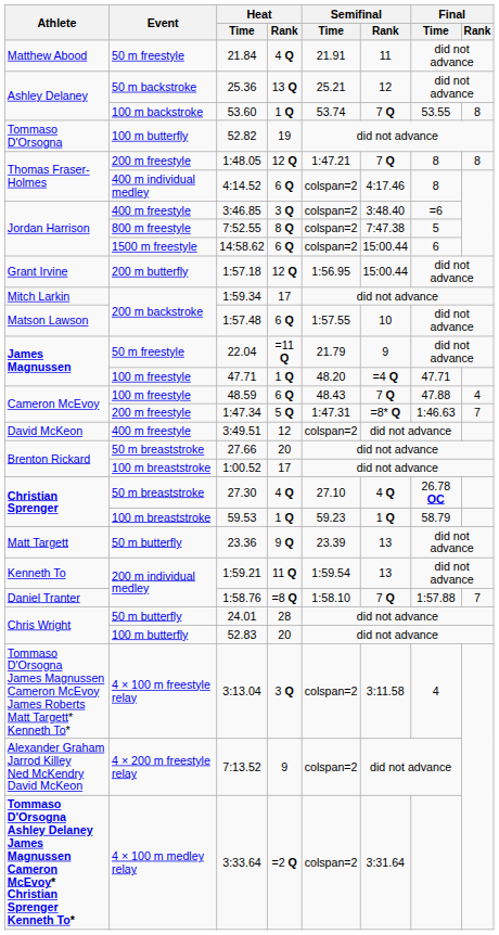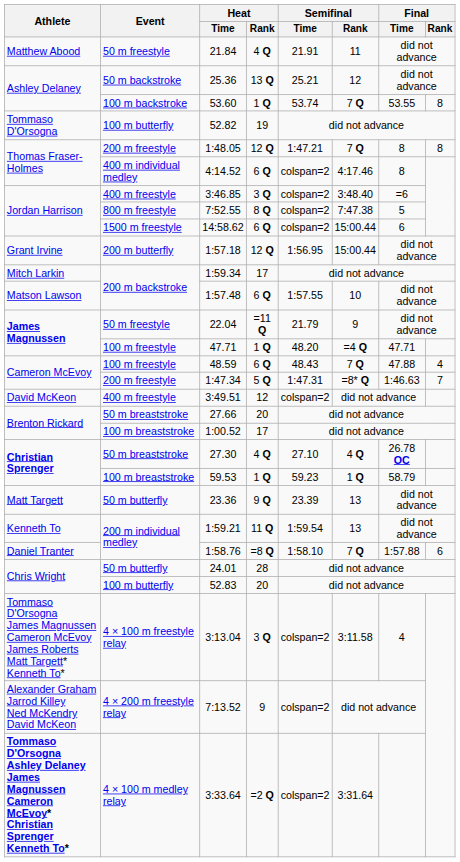 <table class=wikitable style="font-size:90%">
 <tr>
 <th rowspan="2">Athlete</th>
 <th rowspan="2">Event</th>
 <th colspan="2">Heat</th>
 <th colspan="2">Semifinal</th>
 <th colspan="2">Final</th>
 </tr>
 <tr style="font-size:95%">
 <th>Time</th>
 <th>Rank</th>
 <th>Time</th>
 <th>Rank</th>
 <th>Time</th>
 <th>Rank</th>
 </tr>
 <tr align=center>
 <td align=left><a href='#'>Matthew Abood</a></td>
 <td align=left><a href='#'>50 m freestyle</a></td>
 <td>21.84</td>
 <td>4 <strong>Q</strong></td>
 <td>21.91</td>
 <td>11</td>
 <td colspan=2>did not advance</td>
 </tr>
 <tr align=center>
 <td align=left rowspan=2><a href='#'>Ashley Delaney</a></td>
 <td align=left><a href='#'>50 m backstroke</a></td>
 <td>25.36</td>
 <td>13 <strong>Q</strong></td>
 <td>25.21</td>
 <td>12</td>
 <td colspan=2>did not advance</td>
 </tr>
 <tr align=center>
 <td align=left><a href='#'>100 m backstroke</a></td>
 <td>53.60</td>
 <td>1 <strong>Q</strong></td>
 <td>53.74</td>
 <td>7 <strong>Q</strong></td>
 <td>53.55</td>
 <td>8</td>
 </tr>
 <tr align=center>
 <td align=left><a href='#'>Tommaso D'Orsogna</a></td>
 <td align=left><a href='#'>100 m butterfly</a></td>
 <td>52.82</td>
 <td>19</td>
 <td colspan=4>did not advance</td>
 </tr>
 <tr align=center>
 <td align=left rowspan=2><a href='#'>Thomas Fraser-Holmes</a></td>
 <td align=left><a href='#'>200 m freestyle</a></td>
 <td>1:48.05</td>
 <td>12 <strong>Q</strong></td>
 <td>1:47.21</td>
 <td>7 <strong>Q</strong></td>
 <td>8</td>
 <td>8</td>
 </tr>
 <tr align=center>
 <td align=left><a href='#'>400 m individual medley</a></td>
 <td>4:14.52</td>
 <td>6 <strong>Q</strong></td>
 <td>colspan=2 </td>
 <td>4:17.46</td>
 <td>8</td>
 </tr>
 <tr align=center>
 <td align=left rowspan=3><a href='#'>Jordan Harrison</a></td>
 <td align=left><a href='#'>400 m freestyle</a></td>
 <td>3:46.85</td>
 <td>3 <strong>Q</strong></td>
 <td>colspan=2 </td>
 <td>3:48.40</td>
 <td>=6</td>
 </tr>
 <tr align=center>
 <td align=left><a href='#'>800 m freestyle</a></td>
 <td>7:52.55</td>
 <td>8 <strong>Q</strong></td>
 <td>colspan=2 </td>
 <td>7:47.38</td>
 <td>5</td>
 </tr>
 <tr align=center>
 <td align=left><a href='#'>1500 m freestyle</a></td>
 <td>14:58.62</td>
 <td>6 <strong>Q</strong></td>
 <td>colspan=2 </td>
 <td>15:00.44</td>
 <td>6</td>
 </tr>
 <tr align=center>
 <td align=left><a href='#'>Grant Irvine</a></td>
 <td align=left><a href='#'>200 m butterfly</a></td>
 <td>1:57.18</td>
 <td>12 <strong>Q</strong></td>
 <td>1:56.95</td>
 <td>15:00.44</td>
 <td colspan=2>did not advance</td>
 </tr>
 <tr align=center>
 <td align=left><a href='#'>Mitch Larkin</a></td>
 <td align=left rowspan=2><a href='#'>200 m backstroke</a></td>
 <td>1:59.34</td>
 <td>17</td>
 <td colspan=4>did not advance</td>
 </tr>
 <tr align=center>
 <td align=left><a href='#'>Matson Lawson</a></td>
 <td>1:57.48</td>
 <td>6 <strong>Q</strong></td>
 <td>1:57.55</td>
 <td>10</td>
 <td colspan=2>did not advance</td>
 </tr>
 <tr align=center>
 <td align=left rowspan=2><strong><a href='#'>James Magnussen</a></strong></td>
 <td align=left><a href='#'>50 m freestyle</a></td>
 <td>22.04</td>
 <td>=11 <strong>Q</strong></td>
 <td>21.79</td>
 <td>9</td>
 <td colspan=2>did not advance</td>
 </tr>
 <tr align=center>
 <td align=left><a href='#'>100 m freestyle</a></td>
 <td>47.71</td>
 <td>1 <strong>Q</strong></td>
 <td>48.20</td>
 <td>=4 <strong>Q</strong></td>
 <td>47.71</td>
 <td></td>
 </tr>
 <tr align=center>
 <td align=left rowspan=2><a href='#'>Cameron McEvoy</a></td>
 <td align=left><a href='#'>100 m freestyle</a></td>
 <td>48.59</td>
 <td>6 <strong>Q</strong></td>
 <td>48.43</td>
 <td>7 <strong>Q</strong></td>
 <td>47.88</td>
 <td>4</td>
 </tr>
 <tr align=center>
 <td align=left><a href='#'>200 m freestyle</a></td>
 <td>1:47.34</td>
 <td>5 <strong>Q</strong></td>
 <td>1:47.31</td>
 <td>=8* <strong>Q</strong></td>
 <td>1:46.63</td>
 <td>7</td>
 </tr>
 <tr align=center>
 <td align=left><a href='#'>David McKeon</a></td>
 <td align=left><a href='#'>400 m freestyle</a></td>
 <td>3:49.51</td>
 <td>12</td>
 <td>colspan=2 </td>
 <td colspan=2>did not advance</td>
 </tr>
 <tr align=center>
 <td align=left rowspan=2><a href='#'>Brenton Rickard</a></td>
 <td align=left><a href='#'>50 m breaststroke</a></td>
 <td>27.66</td>
 <td>20</td>
 <td colspan=4>did not advance</td>
 </tr>
 <tr align=center>
 <td align=left><a href='#'>100 m breaststroke</a></td>
 <td>1:00.52</td>
 <td>17</td>
 <td colspan=4>did not advance</td>
 </tr>
 <tr align=center>
 <td align=left rowspan=2><strong><a href='#'>Christian Sprenger</a></strong></td>
 <td align=left><a href='#'>50 m breaststroke</a></td>
 <td>27.30</td>
 <td>4 <strong>Q</strong></td>
 <td>27.10</td>
 <td>4 <strong>Q</strong></td>
 <td>26.78 <strong><a href='#'>OC</a></strong></td>
 <td></td>
 </tr>
 <tr align=center>
 <td align=left><a href='#'>100 m breaststroke</a></td>
 <td>59.53</td>
 <td>1 <strong>Q</strong></td>
 <td>59.23</td>
 <td>1 <strong>Q</strong></td>
 <td>58.79</td>
 <td></td>
 </tr>
 <tr align=center>
 <td align=left><a href='#'>Matt Targett</a></td>
 <td align=left><a href='#'>50 m butterfly</a></td>
 <td>23.36</td>
 <td>9 <strong>Q</strong></td>
 <td>23.39</td>
 <td>13</td>
 <td colspan=2>did not advance</td>
 </tr>
 <tr align=center>
 <td align=left><a href='#'>Kenneth To</a></td>
 <td align=left rowspan=2><a href='#'>200 m individual medley</a></td>
 <td>1:59.21</td>
 <td>11 <strong>Q</strong></td>
 <td>1:59.54</td>
 <td>13</td>
 <td colspan=2>did not advance</td>
 </tr>
 <tr align=center>
 <td align=left><a href='#'>Daniel Tranter</a></td>
 <td>1:58.76</td>
 <td>=8 <strong>Q</strong></td>
 <td>1:58.10</td>
 <td>7 <strong>Q</strong></td>
 <td>1:57.88</td>
-<td>7</td>
+<td>6</td>
 </tr>
 <tr align=center>
 <td align=left rowspan=2><a href='#'>Chris Wright</a></td>
 <td align=left><a href='#'>50 m butterfly</a></td>
 <td>24.01</td>
 <td>28</td>
 <td colspan=4>did not advance</td>
 </tr>
 <tr align=center>
 <td align=left><a href='#'>100 m butterfly</a></td>
 <td>52.83</td>
 <td>20</td>
 <td colspan=4>did not advance</td>
 </tr>
 <tr align=center>
 <td align=left><a href='#'>Tommaso D'Orsogna</a><br><a href='#'>James Magnussen</a><br><a href='#'>Cameron McEvoy</a><br><a href='#'>James Roberts</a><br><a href='#'>Matt Targett</a>*<br><a href='#'>Kenneth To</a>*</td>
 <td align=left><a href='#'>4 × 100 m freestyle relay</a></td>
 <td>3:13.04</td>
 <td>3 <strong>Q</strong></td>
 <td>colspan=2 </td>
 <td>3:11.58</td>
 <td>4</td>
 </tr>
 <tr align=center>
 <td align=left><a href='#'>Alexander Graham</a><br><a href='#'>Jarrod Killey</a><br><a href='#'>Ned McKendry</a><br><a href='#'>David McKeon</a></td>
 <td align=left><a href='#'>4 × 200 m freestyle relay</a></td>
 <td>7:13.52</td>
 <td>9</td>
 <td>colspan=2 </td>
 <td colspan=2>did not advance</td>
 </tr>
 <tr align=center>
 <td align=left><strong><a href='#'>Tommaso D'Orsogna</a><br><a href='#'>Ashley Delaney</a><br><a href='#'>James Magnussen</a><br><a href='#'>Cameron McEvoy</a>*<br><a href='#'>Christian Sprenger</a><br><a href='#'>Kenneth To</a>*</strong></td>
 <td align=left><a href='#'>4 × 100 m medley relay</a></td>
 <td>3:33.64</td>
 <td>=2 <strong>Q</strong></td>
 <td>colspan=2 </td>
 <td>3:31.64</td>
 <td></td>
 </tr>
 </table>
